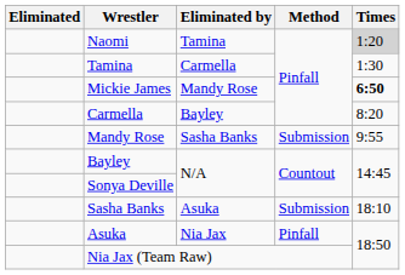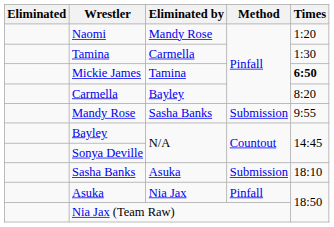 <table class="wikitable sortable">
 <tr>
 <th>Eliminated</th>
 <th>Wrestler</th>
 <th>Eliminated by</th>
 <th>Method</th>
 <th>Times</th>
 </tr>
 <tr>
 <td></td>
 <td><a href='#'>Naomi</a></td>
-<td><a href='#'>Tamina</a></td>
+<td><a href='#'>Mandy Rose</a></td>
 <td rowspan=4><a href='#'>Pinfall</a></td>
-<td style="background: lightgrey;">1:20</td>
+<td>1:20</td>
 </tr>
 <tr>
 <td></td>
 <td><a href='#'>Tamina</a></td>
 <td><a href='#'>Carmella</a></td>
 <td>1:30</td>
 </tr>
 <tr>
 <td></td>
 <td><a href='#'>Mickie James</a></td>
-<td><a href='#'>Mandy Rose</a></td>
+<td><a href='#'>Tamina</a></td>
 <td><strong>6:50</strong></td>
 </tr>
 <tr>
 <td></td>
 <td><a href='#'>Carmella</a></td>
 <td><a href='#'>Bayley</a></td>
 <td>8:20</td>
 </tr>
 <tr>
 <td></td>
 <td><a href='#'>Mandy Rose</a></td>
 <td><a href='#'>Sasha Banks</a></td>
 <td><a href='#'>Submission</a></td>
 <td>9:55</td>
 </tr>
 <tr>
 <td></td>
 <td><a href='#'>Bayley</a></td>
 <td rowspan="2">N/A</td>
 <td rowspan="2"><a href='#'>Countout</a></td>
 <td rowspan="2">14:45</td>
 </tr>
 <tr>
 <td></td>
 <td><a href='#'>Sonya Deville</a></td>
 </tr>
 <tr>
 <td></td>
 <td><a href='#'>Sasha Banks</a></td>
 <td><a href='#'>Asuka</a></td>
 <td><a href='#'>Submission</a></td>
 <td>18:10</td>
 </tr>
 <tr>
 <td></td>
 <td><a href='#'>Asuka</a></td>
 <td><a href='#'>Nia Jax</a></td>
 <td><a href='#'>Pinfall</a></td>
 <td rowspan=2>18:50</td>
 </tr>
 <tr>
 <td></td>
 <td colspan="3"><a href='#'>Nia Jax</a> (Team Raw)</td>
 </tr>
 </table>
